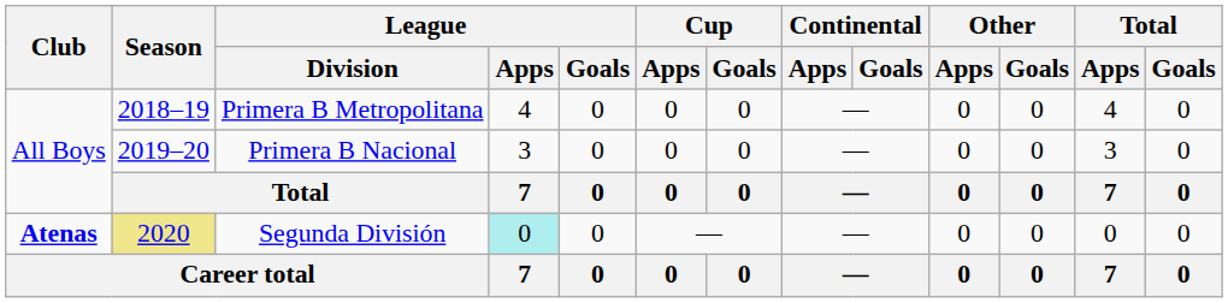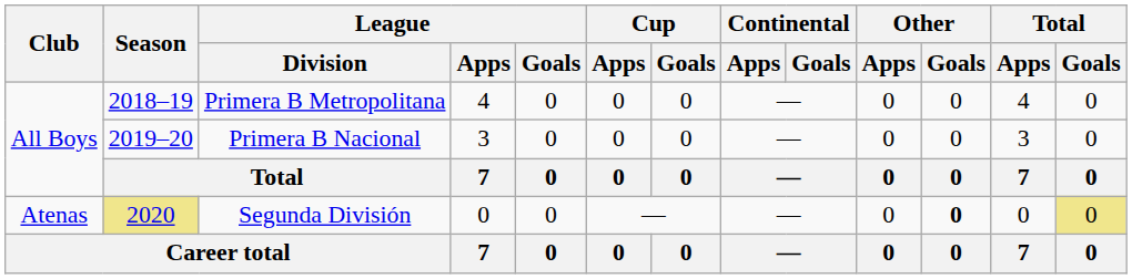 <table class="wikitable" style="text-align:center">
 <tr>
 <th rowspan="2">Club</th>
 <th rowspan="2">Season</th>
 <th colspan="3">League</th>
 <th colspan="2">Cup</th>
 <th colspan="2">Continental</th>
 <th colspan="2">Other</th>
 <th colspan="2">Total</th>
 </tr>
 <tr>
 <th>Division</th>
 <th>Apps</th>
 <th>Goals</th>
 <th>Apps</th>
 <th>Goals</th>
 <th>Apps</th>
 <th>Goals</th>
 <th>Apps</th>
 <th>Goals</th>
 <th>Apps</th>
 <th>Goals</th>
 </tr>
 <tr>
 <td rowspan="3"><a href='#'>All Boys</a></td>
 <td><a href='#'>2018–19</a></td>
 <td rowspan="1"><a href='#'>Primera B Metropolitana</a></td>
 <td>4</td>
 <td>0</td>
 <td>0</td>
 <td>0</td>
 <td colspan="2">—</td>
 <td>0</td>
 <td>0</td>
 <td>4</td>
 <td>0</td>
 </tr>
 <tr>
 <td><a href='#'>2019–20</a></td>
 <td rowspan="1"><a href='#'>Primera B Nacional</a></td>
 <td>3</td>
 <td>0</td>
 <td>0</td>
 <td>0</td>
 <td colspan="2">—</td>
 <td>0</td>
 <td>0</td>
 <td>3</td>
 <td>0</td>
 </tr>
 <tr>
 <th colspan="2">Total</th>
 <th>7</th>
 <th>0</th>
 <th>0</th>
 <th>0</th>
 <th colspan="2">—</th>
 <th>0</th>
 <th>0</th>
 <th>7</th>
 <th>0</th>
 </tr>
 <tr>
-<td rowspan="1"><strong><a href='#'>Atenas</a></strong></td>
+<td rowspan="1"><a href='#'>Atenas</a></td>
 <td style="background: khaki;"><a href='#'>2020</a></td>
 <td rowspan="1"><a href='#'>Segunda División</a></td>
-<td style="background: paleturquoise;">0</td>
+<td>0</td>
 <td>0</td>
 <td colspan="2">—</td>
 <td colspan="2">—</td>
 <td>0</td>
+<td><strong>0</strong></td>
 <td>0</td>
-<td>0</td>
-<td>0</td>
+<td style="background: khaki;">0</td>
 </tr>
 <tr>
 <th colspan="3">Career total</th>
 <th>7</th>
 <th>0</th>
 <th>0</th>
 <th>0</th>
 <th colspan="2">—</th>
 <th>0</th>
 <th>0</th>
 <th>7</th>
 <th>0</th>
 </tr>
 </table>
